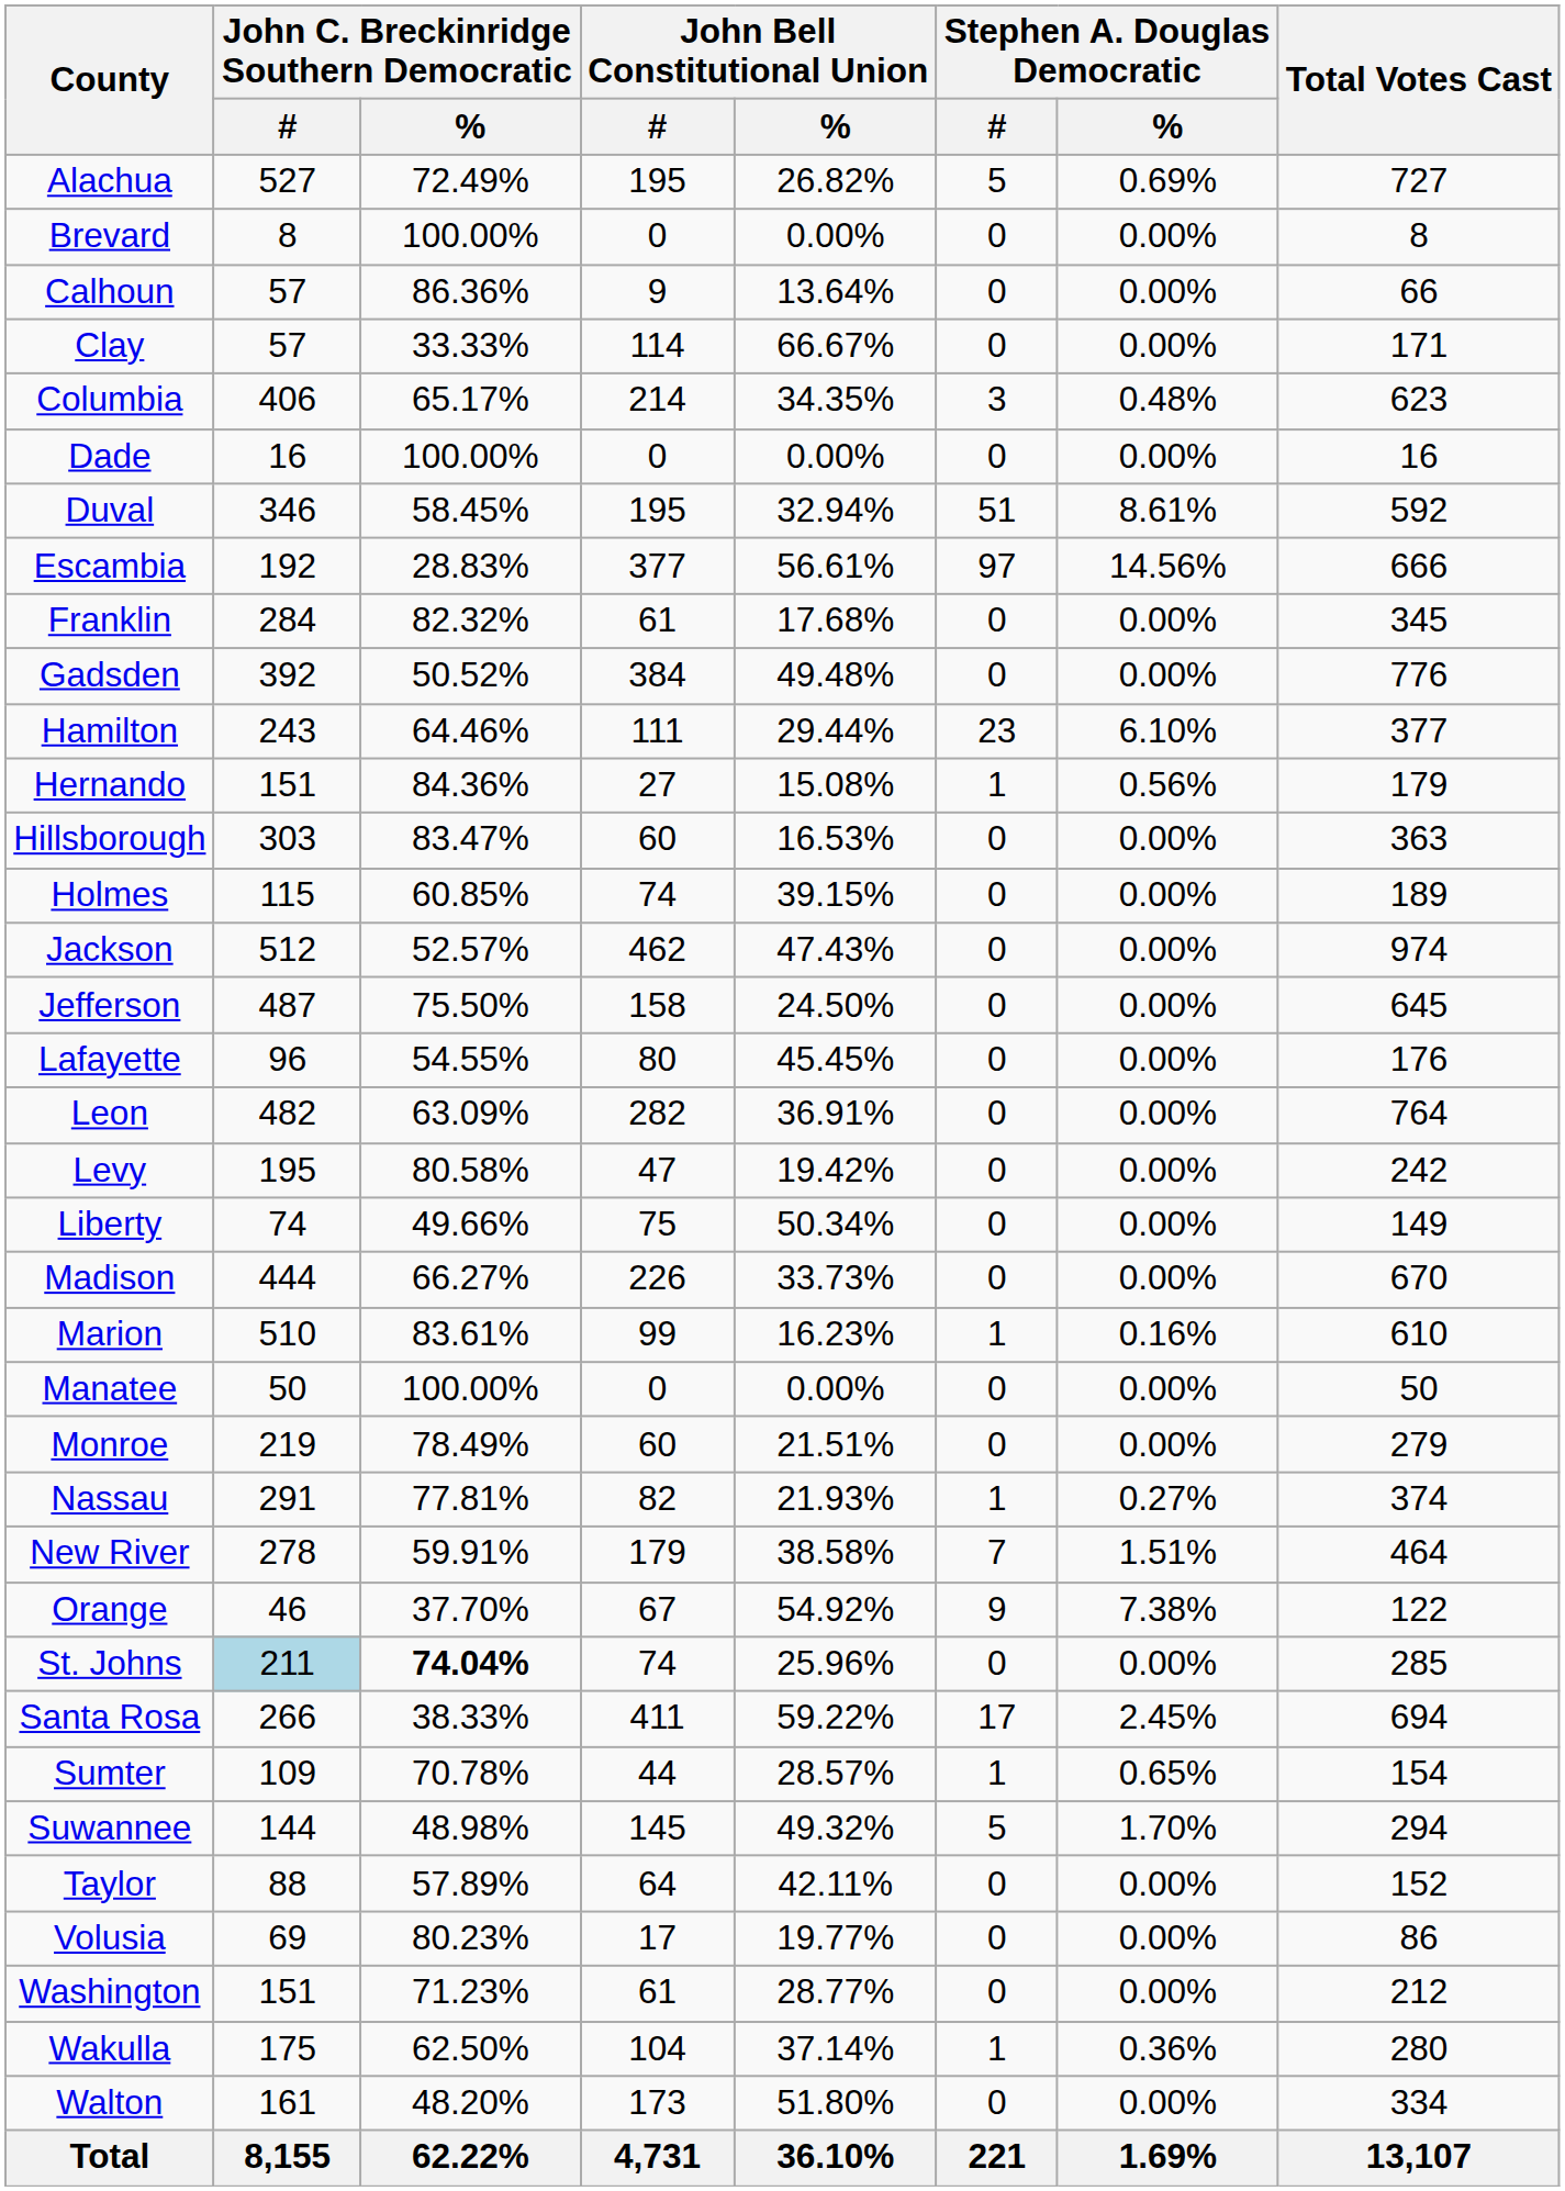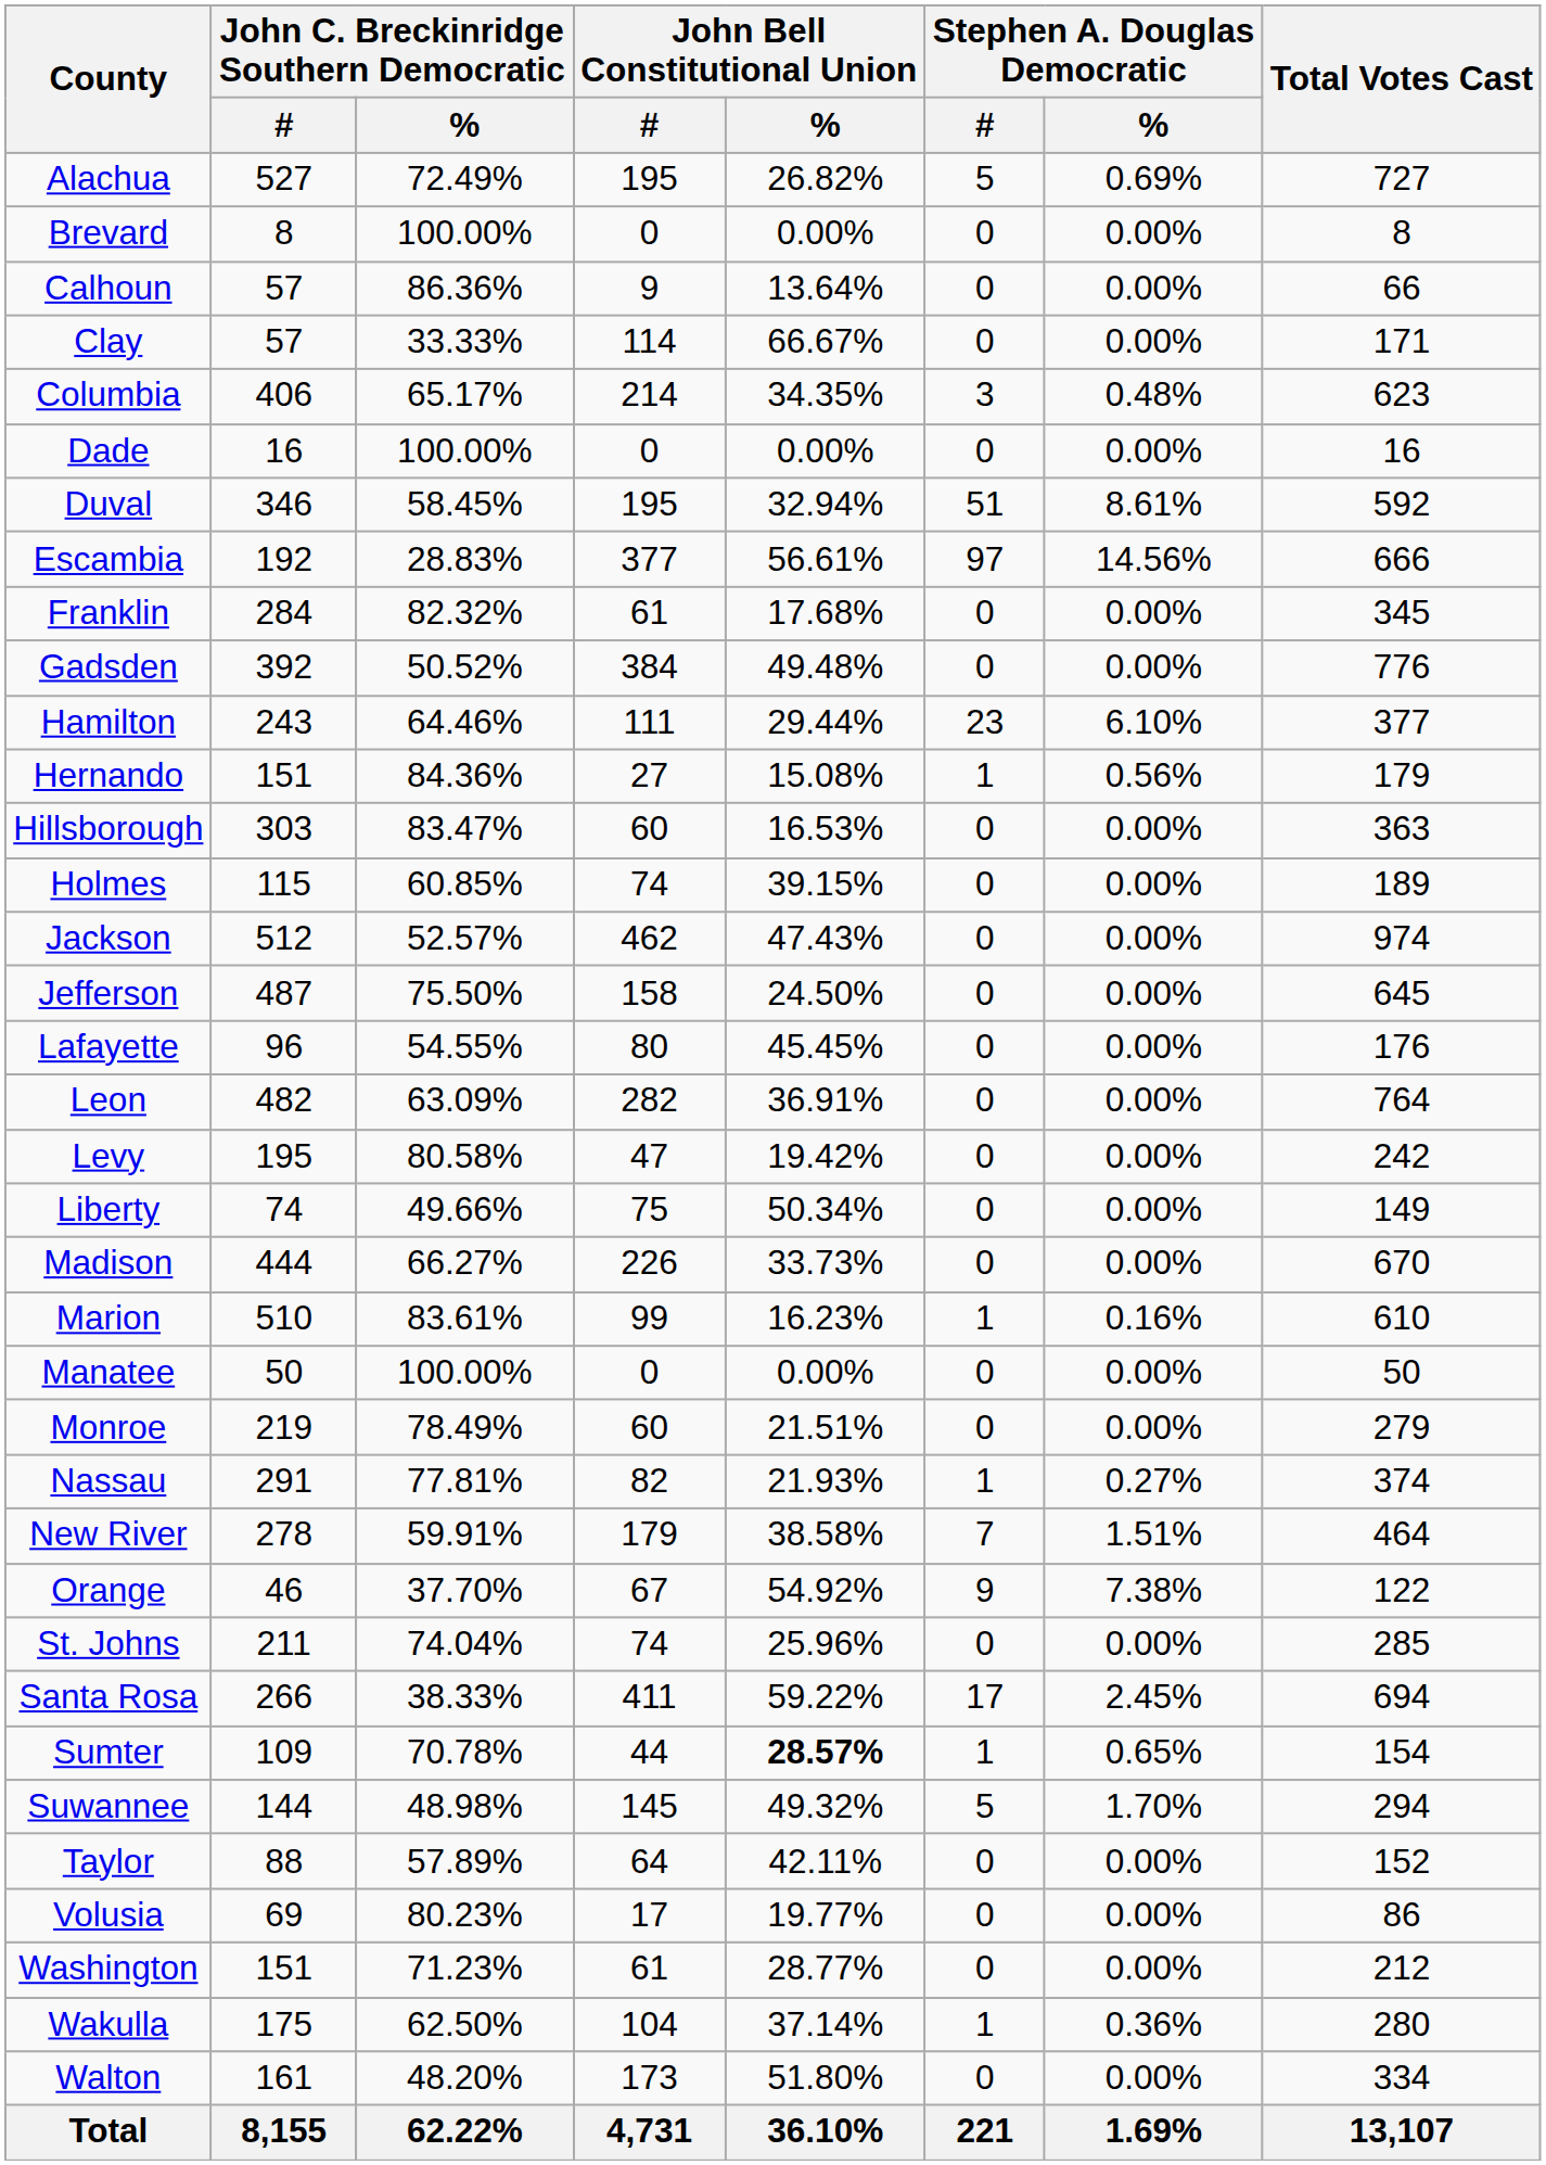 <table class="wikitable sortable">
 <tr>
 <th rowspan="2">County</th>
 <th colspan="2">John C. Breckinridge<br>Southern Democratic</th>
 <th colspan="2">John Bell<br>Constitutional Union</th>
 <th colspan="2">Stephen A. Douglas<br>Democratic</th>
 <th rowspan="2">Total Votes Cast</th>
 </tr>
 <tr style="text-align:center;">
 <th>#</th>
 <th>%</th>
 <th>#</th>
 <th>%</th>
 <th>#</th>
 <th>%</th>
 </tr>
 <tr style="text-align:center;">
 <td><a href='#'>Alachua</a></td>
 <td>527</td>
 <td>72.49%</td>
 <td>195</td>
 <td>26.82%</td>
 <td>5</td>
 <td>0.69%</td>
 <td>727</td>
 </tr>
 <tr style="text-align:center;">
 <td><a href='#'>Brevard</a></td>
 <td>8</td>
 <td>100.00%</td>
 <td>0</td>
 <td>0.00%</td>
 <td>0</td>
 <td>0.00%</td>
 <td>8</td>
 </tr>
 <tr style="text-align:center;">
 <td><a href='#'>Calhoun</a></td>
 <td>57</td>
 <td>86.36%</td>
 <td>9</td>
 <td>13.64%</td>
 <td>0</td>
 <td>0.00%</td>
 <td>66</td>
 </tr>
 <tr style="text-align:center;">
 <td><a href='#'>Clay</a></td>
 <td>57</td>
 <td>33.33%</td>
 <td>114</td>
 <td>66.67%</td>
 <td>0</td>
 <td>0.00%</td>
 <td>171</td>
 </tr>
 <tr style="text-align:center;">
 <td><a href='#'>Columbia</a></td>
 <td>406</td>
 <td>65.17%</td>
 <td>214</td>
 <td>34.35%</td>
 <td>3</td>
 <td>0.48%</td>
 <td>623</td>
 </tr>
 <tr style="text-align:center;">
 <td><a href='#'>Dade</a></td>
 <td>16</td>
 <td>100.00%</td>
 <td>0</td>
 <td>0.00%</td>
 <td>0</td>
 <td>0.00%</td>
 <td>16</td>
 </tr>
 <tr style="text-align:center;">
 <td><a href='#'>Duval</a></td>
 <td>346</td>
 <td>58.45%</td>
 <td>195</td>
 <td>32.94%</td>
 <td>51</td>
 <td>8.61%</td>
 <td>592</td>
 </tr>
 <tr style="text-align:center;">
 <td><a href='#'>Escambia</a></td>
 <td>192</td>
 <td>28.83%</td>
 <td>377</td>
 <td>56.61%</td>
 <td>97</td>
 <td>14.56%</td>
 <td>666</td>
 </tr>
 <tr style="text-align:center;">
 <td><a href='#'>Franklin</a></td>
 <td>284</td>
 <td>82.32%</td>
 <td>61</td>
 <td>17.68%</td>
 <td>0</td>
 <td>0.00%</td>
 <td>345</td>
 </tr>
 <tr style="text-align:center;">
 <td><a href='#'>Gadsden</a></td>
 <td>392</td>
 <td>50.52%</td>
 <td>384</td>
 <td>49.48%</td>
 <td>0</td>
 <td>0.00%</td>
 <td>776</td>
 </tr>
 <tr style="text-align:center;">
 <td><a href='#'>Hamilton</a></td>
 <td>243</td>
 <td>64.46%</td>
 <td>111</td>
 <td>29.44%</td>
 <td>23</td>
 <td>6.10%</td>
 <td>377</td>
 </tr>
 <tr style="text-align:center;">
 <td><a href='#'>Hernando</a></td>
 <td>151</td>
 <td>84.36%</td>
 <td>27</td>
 <td>15.08%</td>
 <td>1</td>
 <td>0.56%</td>
 <td>179</td>
 </tr>
 <tr style="text-align:center;">
 <td><a href='#'>Hillsborough</a></td>
 <td>303</td>
 <td>83.47%</td>
 <td>60</td>
 <td>16.53%</td>
 <td>0</td>
 <td>0.00%</td>
 <td>363</td>
 </tr>
 <tr style="text-align:center;">
 <td><a href='#'>Holmes</a></td>
 <td>115</td>
 <td>60.85%</td>
 <td>74</td>
 <td>39.15%</td>
 <td>0</td>
 <td>0.00%</td>
 <td>189</td>
 </tr>
 <tr style="text-align:center;">
 <td><a href='#'>Jackson</a></td>
 <td>512</td>
 <td>52.57%</td>
 <td>462</td>
 <td>47.43%</td>
 <td>0</td>
 <td>0.00%</td>
 <td>974</td>
 </tr>
 <tr style="text-align:center;">
 <td><a href='#'>Jefferson</a></td>
 <td>487</td>
 <td>75.50%</td>
 <td>158</td>
 <td>24.50%</td>
 <td>0</td>
 <td>0.00%</td>
 <td>645</td>
 </tr>
 <tr style="text-align:center;">
 <td><a href='#'>Lafayette</a></td>
 <td>96</td>
 <td>54.55%</td>
 <td>80</td>
 <td>45.45%</td>
 <td>0</td>
 <td>0.00%</td>
 <td>176</td>
 </tr>
 <tr style="text-align:center;">
 <td><a href='#'>Leon</a></td>
 <td>482</td>
 <td>63.09%</td>
 <td>282</td>
 <td>36.91%</td>
 <td>0</td>
 <td>0.00%</td>
 <td>764</td>
 </tr>
 <tr style="text-align:center;">
 <td><a href='#'>Levy</a></td>
 <td>195</td>
 <td>80.58%</td>
 <td>47</td>
 <td>19.42%</td>
 <td>0</td>
 <td>0.00%</td>
 <td>242</td>
 </tr>
 <tr style="text-align:center;">
 <td><a href='#'>Liberty</a></td>
 <td>74</td>
 <td>49.66%</td>
 <td>75</td>
 <td>50.34%</td>
 <td>0</td>
 <td>0.00%</td>
 <td>149</td>
 </tr>
 <tr style="text-align:center;">
 <td><a href='#'>Madison</a></td>
 <td>444</td>
 <td>66.27%</td>
 <td>226</td>
 <td>33.73%</td>
 <td>0</td>
 <td>0.00%</td>
 <td>670</td>
 </tr>
 <tr style="text-align:center;">
 <td><a href='#'>Marion</a></td>
 <td>510</td>
 <td>83.61%</td>
 <td>99</td>
 <td>16.23%</td>
 <td>1</td>
 <td>0.16%</td>
 <td>610</td>
 </tr>
 <tr style="text-align:center;">
 <td><a href='#'>Manatee</a></td>
 <td>50</td>
 <td>100.00%</td>
 <td>0</td>
 <td>0.00%</td>
 <td>0</td>
 <td>0.00%</td>
 <td>50</td>
 </tr>
 <tr style="text-align:center;">
 <td><a href='#'>Monroe</a></td>
 <td>219</td>
 <td>78.49%</td>
 <td>60</td>
 <td>21.51%</td>
 <td>0</td>
 <td>0.00%</td>
 <td>279</td>
 </tr>
 <tr style="text-align:center;">
 <td><a href='#'>Nassau</a></td>
 <td>291</td>
 <td>77.81%</td>
 <td>82</td>
 <td>21.93%</td>
 <td>1</td>
 <td>0.27%</td>
 <td>374</td>
 </tr>
 <tr style="text-align:center;">
 <td><a href='#'>New River</a></td>
 <td>278</td>
 <td>59.91%</td>
 <td>179</td>
 <td>38.58%</td>
 <td>7</td>
 <td>1.51%</td>
 <td>464</td>
 </tr>
 <tr style="text-align:center;">
 <td><a href='#'>Orange</a></td>
 <td>46</td>
 <td>37.70%</td>
 <td>67</td>
 <td>54.92%</td>
 <td>9</td>
 <td>7.38%</td>
 <td>122</td>
 </tr>
 <tr style="text-align:center;">
 <td><a href='#'>St. Johns</a></td>
-<td style="background: lightblue;">211</td>
-<td><strong>74.04%</strong></td>
+<td>211</td>
+<td>74.04%</td>
 <td>74</td>
 <td>25.96%</td>
 <td>0</td>
 <td>0.00%</td>
 <td>285</td>
 </tr>
 <tr style="text-align:center;">
 <td><a href='#'>Santa Rosa</a></td>
 <td>266</td>
 <td>38.33%</td>
 <td>411</td>
 <td>59.22%</td>
 <td>17</td>
 <td>2.45%</td>
 <td>694</td>
 </tr>
 <tr style="text-align:center;">
 <td><a href='#'>Sumter</a></td>
 <td>109</td>
 <td>70.78%</td>
 <td>44</td>
-<td>28.57%</td>
+<td><strong>28.57%</strong></td>
 <td>1</td>
 <td>0.65%</td>
 <td>154</td>
 </tr>
 <tr style="text-align:center;">
 <td><a href='#'>Suwannee</a></td>
 <td>144</td>
 <td>48.98%</td>
 <td>145</td>
 <td>49.32%</td>
 <td>5</td>
 <td>1.70%</td>
 <td>294</td>
 </tr>
 <tr style="text-align:center;">
 <td><a href='#'>Taylor</a></td>
 <td>88</td>
 <td>57.89%</td>
 <td>64</td>
 <td>42.11%</td>
 <td>0</td>
 <td>0.00%</td>
 <td>152</td>
 </tr>
 <tr style="text-align:center;">
 <td><a href='#'>Volusia</a></td>
 <td>69</td>
 <td>80.23%</td>
 <td>17</td>
 <td>19.77%</td>
 <td>0</td>
 <td>0.00%</td>
 <td>86</td>
 </tr>
 <tr style="text-align:center;">
 <td><a href='#'>Washington</a></td>
 <td>151</td>
 <td>71.23%</td>
 <td>61</td>
 <td>28.77%</td>
 <td>0</td>
 <td>0.00%</td>
 <td>212</td>
 </tr>
 <tr style="text-align:center;">
 <td><a href='#'>Wakulla</a></td>
 <td>175</td>
 <td>62.50%</td>
 <td>104</td>
 <td>37.14%</td>
 <td>1</td>
 <td>0.36%</td>
 <td>280</td>
 </tr>
 <tr style="text-align:center;">
 <td><a href='#'>Walton</a></td>
 <td>161</td>
 <td>48.20%</td>
 <td>173</td>
 <td>51.80%</td>
 <td>0</td>
 <td>0.00%</td>
 <td>334</td>
 </tr>
 <tr style="text-align:center;">
 <th>Total</th>
 <th>8,155</th>
 <th>62.22%</th>
 <th>4,731</th>
 <th>36.10%</th>
 <th>221</th>
 <th>1.69%</th>
 <th>13,107</th>
 </tr>
 </table>
